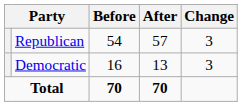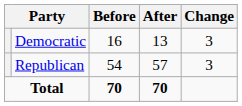 <table class="wikitable" style="text-align:center;">
 <tr>
 <th colspan="2">Party</th>
 <th>Before</th>
 <th>After</th>
 <th>Change</th>
 </tr>
 <tr>
 <th style="background-color:"></th>
-<td style="text-align:left;"><a href='#'>Republican</a></td>
-<td>54</td>
-<td>57</td>
+<td style="text-align:left;"><a href='#'>Democratic</a></td>
+<td>16</td>
+<td>13</td>
 <td> 3</td>
 </tr>
 <tr>
 <th style="background-color:"></th>
-<td style="text-align:left;"><a href='#'>Democratic</a></td>
-<td>16</td>
-<td>13</td>
+<td style="text-align:left;"><a href='#'>Republican</a></td>
+<td>54</td>
+<td>57</td>
 <td> 3</td>
 </tr>
 <tr>
 <td colspan="2"><strong>Total</strong></td>
 <td><strong>70</strong></td>
 <td><strong>70</strong></td>
 <td></td>
 </tr>
 </table>
